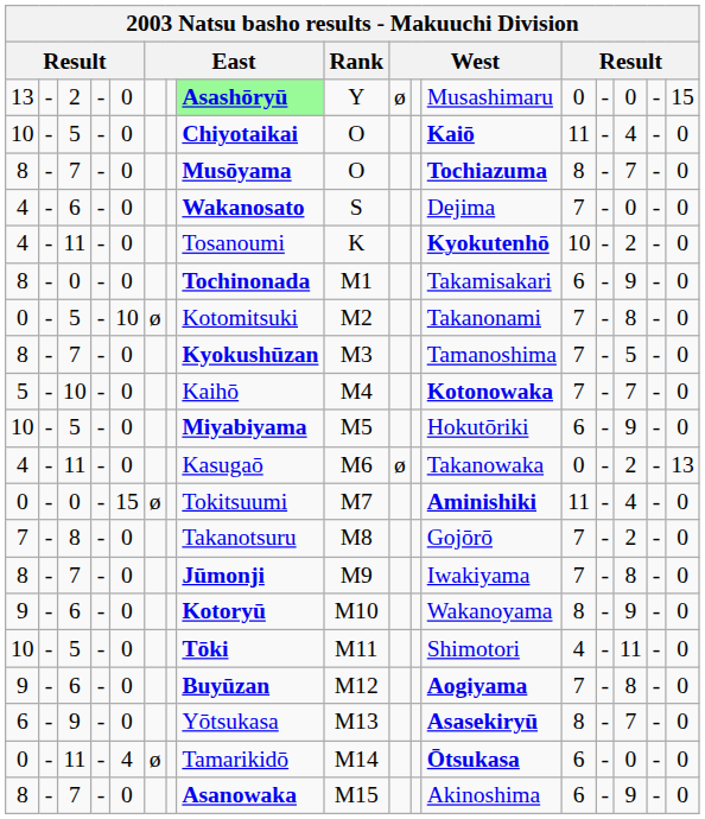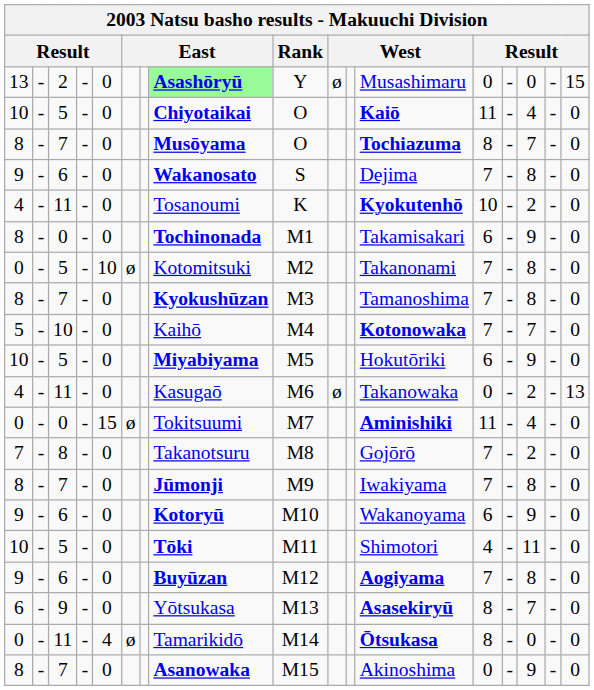 <table class="wikitable">
 <tr>
 <th colspan="17">2003 Natsu basho results - Makuuchi Division</th>
 </tr>
 <tr>
 <th colspan="5">Result</th>
 <th colspan="3">East</th>
 <th>Rank</th>
 <th colspan="3">West</th>
 <th colspan="5">Result</th>
 </tr>
 <tr>
 <td align=center>13</td>
 <td align=center>-</td>
 <td align=center>2</td>
 <td align=center>-</td>
 <td align=center>0</td>
 <td align=center></td>
 <td align=center></td>
 <td style="background: PaleGreen;"><strong><a href='#'>Asashōryū</a></strong></td>
 <td align=center>Y</td>
 <td align=center>ø</td>
 <td align=center></td>
 <td><a href='#'>Musashimaru</a></td>
 <td align=center>0</td>
 <td align=center>-</td>
 <td align=center>0</td>
 <td align=center>-</td>
 <td align=center>15</td>
 </tr>
 <tr>
 <td align=center>10</td>
 <td align=center>-</td>
 <td align=center>5</td>
 <td align=center>-</td>
 <td align=center>0</td>
 <td align=center></td>
 <td align=center></td>
 <td><strong><a href='#'>Chiyotaikai</a></strong></td>
 <td align=center>O</td>
 <td align=center></td>
 <td align=center></td>
 <td><strong><a href='#'>Kaiō</a></strong></td>
 <td align=center>11</td>
 <td align=center>-</td>
 <td align=center>4</td>
 <td align=center>-</td>
 <td align=center>0</td>
 </tr>
 <tr>
 <td align=center>8</td>
 <td align=center>-</td>
 <td align=center>7</td>
 <td align=center>-</td>
 <td align=center>0</td>
 <td align=center></td>
 <td align=center></td>
 <td><strong><a href='#'>Musōyama</a></strong></td>
 <td align=center>O</td>
 <td align=center></td>
 <td align=center></td>
 <td><strong><a href='#'>Tochiazuma</a></strong></td>
 <td align=center>8</td>
 <td align=center>-</td>
 <td align=center>7</td>
 <td align=center>-</td>
 <td align=center>0</td>
 </tr>
 <tr>
-<td align=center>4</td>
+<td align=center>9</td>
 <td align=center>-</td>
 <td align=center>6</td>
 <td align=center>-</td>
 <td align=center>0</td>
 <td align=center></td>
 <td align=center></td>
 <td><a href='#'><strong>Wakanosato</strong></a></td>
 <td align=center>S</td>
 <td align=center></td>
 <td align=center></td>
 <td><a href='#'>Dejima</a></td>
 <td align=center>7</td>
 <td align=center>-</td>
-<td align=center>0</td>
+<td align=center>8</td>
 <td align=center>-</td>
 <td align=center>0</td>
 </tr>
 <tr>
 <td align=center>4</td>
 <td align=center>-</td>
 <td align=center>11</td>
 <td align=center>-</td>
 <td align=center>0</td>
 <td align=center></td>
 <td align=center></td>
 <td><a href='#'>Tosanoumi</a></td>
 <td align=center>K</td>
 <td align=center></td>
 <td align=center></td>
 <td><a href='#'><strong>Kyokutenhō</strong></a></td>
 <td align=center>10</td>
 <td align=center>-</td>
 <td align=center>2</td>
 <td align=center>-</td>
 <td align=center>0</td>
 </tr>
 <tr>
 <td align=center>8</td>
 <td align=center>-</td>
 <td align=center>0</td>
 <td align=center>-</td>
 <td align=center>0</td>
 <td align=center></td>
 <td align=center></td>
 <td><a href='#'><strong>Tochinonada</strong></a></td>
 <td align=center>M1</td>
 <td align=center></td>
 <td align=center></td>
 <td><a href='#'>Takamisakari</a></td>
 <td align=center>6</td>
 <td align=center>-</td>
 <td align=center>9</td>
 <td align=center>-</td>
 <td align=center>0</td>
 </tr>
 <tr>
 <td align=center>0</td>
 <td align=center>-</td>
 <td align=center>5</td>
 <td align=center>-</td>
 <td align=center>10</td>
 <td align=center>ø</td>
 <td align=center></td>
 <td><a href='#'>Kotomitsuki</a></td>
 <td align=center>M2</td>
 <td align=center></td>
 <td align=center></td>
 <td><a href='#'>Takanonami</a></td>
 <td align=center>7</td>
 <td align=center>-</td>
 <td align=center>8</td>
 <td align=center>-</td>
 <td align=center>0</td>
 </tr>
 <tr>
 <td align=center>8</td>
 <td align=center>-</td>
 <td align=center>7</td>
 <td align=center>-</td>
 <td align=center>0</td>
 <td align=center></td>
 <td align=center></td>
 <td><a href='#'><strong>Kyokushūzan</strong></a></td>
 <td align=center>M3</td>
 <td align=center></td>
 <td align=center></td>
 <td><a href='#'>Tamanoshima</a></td>
 <td align=center>7</td>
 <td align=center>-</td>
-<td align=center>5</td>
+<td align=center>8</td>
 <td align=center>-</td>
 <td align=center>0</td>
 </tr>
 <tr>
 <td align=center>5</td>
 <td align=center>-</td>
 <td align=center>10</td>
 <td align=center>-</td>
 <td align=center>0</td>
 <td align=center></td>
 <td align=center></td>
 <td><a href='#'>Kaihō</a></td>
 <td align=center>M4</td>
 <td align=center></td>
 <td align=center></td>
 <td><strong><a href='#'>Kotonowaka</a></strong></td>
 <td align=center>7</td>
 <td align=center>-</td>
 <td align=center>7</td>
 <td align=center>-</td>
 <td align=center>0</td>
 </tr>
 <tr>
 <td align=center>10</td>
 <td align=center>-</td>
 <td align=center>5</td>
 <td align=center>-</td>
 <td align=center>0</td>
 <td align=center></td>
 <td align=center></td>
 <td><a href='#'><strong>Miyabiyama</strong></a></td>
 <td align=center>M5</td>
 <td align=center></td>
 <td align=center></td>
 <td><a href='#'>Hokutōriki</a></td>
 <td align=center>6</td>
 <td align=center>-</td>
 <td align=center>9</td>
 <td align=center>-</td>
 <td align=center>0</td>
 </tr>
 <tr>
 <td align=center>4</td>
 <td align=center>-</td>
 <td align=center>11</td>
 <td align=center>-</td>
 <td align=center>0</td>
 <td align=center></td>
 <td align=center></td>
 <td><a href='#'>Kasugaō</a></td>
 <td align=center>M6</td>
 <td align=center>ø</td>
 <td align=center></td>
 <td><a href='#'>Takanowaka</a></td>
 <td align=center>0</td>
 <td align=center>-</td>
 <td align=center>2</td>
 <td align=center>-</td>
 <td align=center>13</td>
 </tr>
 <tr>
 <td align=center>0</td>
 <td align=center>-</td>
 <td align=center>0</td>
 <td align=center>-</td>
 <td align=center>15</td>
 <td align=center>ø</td>
 <td align=center></td>
 <td><a href='#'>Tokitsuumi</a></td>
 <td align=center>M7</td>
 <td align=center></td>
 <td align=center></td>
 <td><strong><a href='#'>Aminishiki</a></strong></td>
 <td align=center>11</td>
 <td align=center>-</td>
 <td align=center>4</td>
 <td align=center>-</td>
 <td align=center>0</td>
 </tr>
 <tr>
 <td align=center>7</td>
 <td align=center>-</td>
 <td align=center>8</td>
 <td align=center>-</td>
 <td align=center>0</td>
 <td align=center></td>
 <td align=center></td>
 <td><a href='#'>Takanotsuru</a></td>
 <td align=center>M8</td>
 <td align=center></td>
 <td align=center></td>
 <td><a href='#'>Gojōrō</a></td>
 <td align=center>7</td>
 <td align=center>-</td>
 <td align=center>2</td>
 <td align=center>-</td>
 <td align=center>0</td>
 </tr>
 <tr>
 <td align=center>8</td>
 <td align=center>-</td>
 <td align=center>7</td>
 <td align=center>-</td>
 <td align=center>0</td>
 <td align=center></td>
 <td align=center></td>
 <td><strong><a href='#'>Jūmonji</a></strong></td>
 <td align=center>M9</td>
 <td align=center></td>
 <td align=center></td>
 <td><a href='#'>Iwakiyama</a></td>
 <td align=center>7</td>
 <td align=center>-</td>
 <td align=center>8</td>
 <td align=center>-</td>
 <td align=center>0</td>
 </tr>
 <tr>
 <td align=center>9</td>
 <td align=center>-</td>
 <td align=center>6</td>
 <td align=center>-</td>
 <td align=center>0</td>
 <td align=center></td>
 <td align=center></td>
 <td><a href='#'><strong>Kotoryū</strong></a></td>
 <td align=center>M10</td>
 <td align=center></td>
 <td align=center></td>
 <td><a href='#'>Wakanoyama</a></td>
-<td align=center>8</td>
+<td align=center>6</td>
 <td align=center>-</td>
 <td align=center>9</td>
 <td align=center>-</td>
 <td align=center>0</td>
 </tr>
 <tr>
 <td align=center>10</td>
 <td align=center>-</td>
 <td align=center>5</td>
 <td align=center>-</td>
 <td align=center>0</td>
 <td align=center></td>
 <td align=center></td>
 <td><strong><a href='#'>Tōki</a></strong></td>
 <td align=center>M11</td>
 <td align=center></td>
 <td align=center></td>
 <td><a href='#'>Shimotori</a></td>
 <td align=center>4</td>
 <td align=center>-</td>
 <td align=center>11</td>
 <td align=center>-</td>
 <td align=center>0</td>
 </tr>
 <tr>
 <td align=center>9</td>
 <td align=center>-</td>
 <td align=center>6</td>
 <td align=center>-</td>
 <td align=center>0</td>
 <td align=center></td>
 <td align=center></td>
 <td><a href='#'><strong>Buyūzan</strong></a></td>
 <td align=center>M12</td>
 <td align=center></td>
 <td align=center></td>
 <td><strong><a href='#'>Aogiyama</a></strong></td>
 <td align=center>7</td>
 <td align=center>-</td>
 <td align=center>8</td>
 <td align=center>-</td>
 <td align=center>0</td>
 </tr>
 <tr>
 <td align=center>6</td>
 <td align=center>-</td>
 <td align=center>9</td>
 <td align=center>-</td>
 <td align=center>0</td>
 <td align=center></td>
 <td align=center></td>
 <td><a href='#'>Yōtsukasa</a></td>
 <td align=center>M13</td>
 <td align=center></td>
 <td align=center></td>
 <td><a href='#'><strong>Asasekiryū</strong></a></td>
 <td align=center>8</td>
 <td align=center>-</td>
 <td align=center>7</td>
 <td align=center>-</td>
 <td align=center>0</td>
 </tr>
 <tr>
 <td align=center>0</td>
 <td align=center>-</td>
 <td align=center>11</td>
 <td align=center>-</td>
 <td align=center>4</td>
 <td align=center>ø</td>
 <td align=center></td>
 <td><a href='#'>Tamarikidō</a></td>
 <td align=center>M14</td>
 <td align=center></td>
 <td align=center></td>
 <td><a href='#'><strong>Ōtsukasa</strong></a></td>
-<td align=center>6</td>
+<td align=center>8</td>
 <td align=center>-</td>
 <td align=center>0</td>
 <td align=center>-</td>
 <td align=center>0</td>
 </tr>
 <tr>
 <td align=center>8</td>
 <td align=center>-</td>
 <td align=center>7</td>
 <td align=center>-</td>
 <td align=center>0</td>
 <td align=center></td>
 <td align=center></td>
 <td><a href='#'><strong>Asanowaka</strong></a></td>
 <td align=center>M15</td>
 <td align=center></td>
 <td align=center></td>
 <td><a href='#'>Akinoshima</a></td>
-<td align=center>6</td>
+<td align=center>0</td>
 <td align=center>-</td>
 <td align=center>9</td>
 <td align=center>-</td>
 <td align=center>0</td>
 </tr>
 </table>
